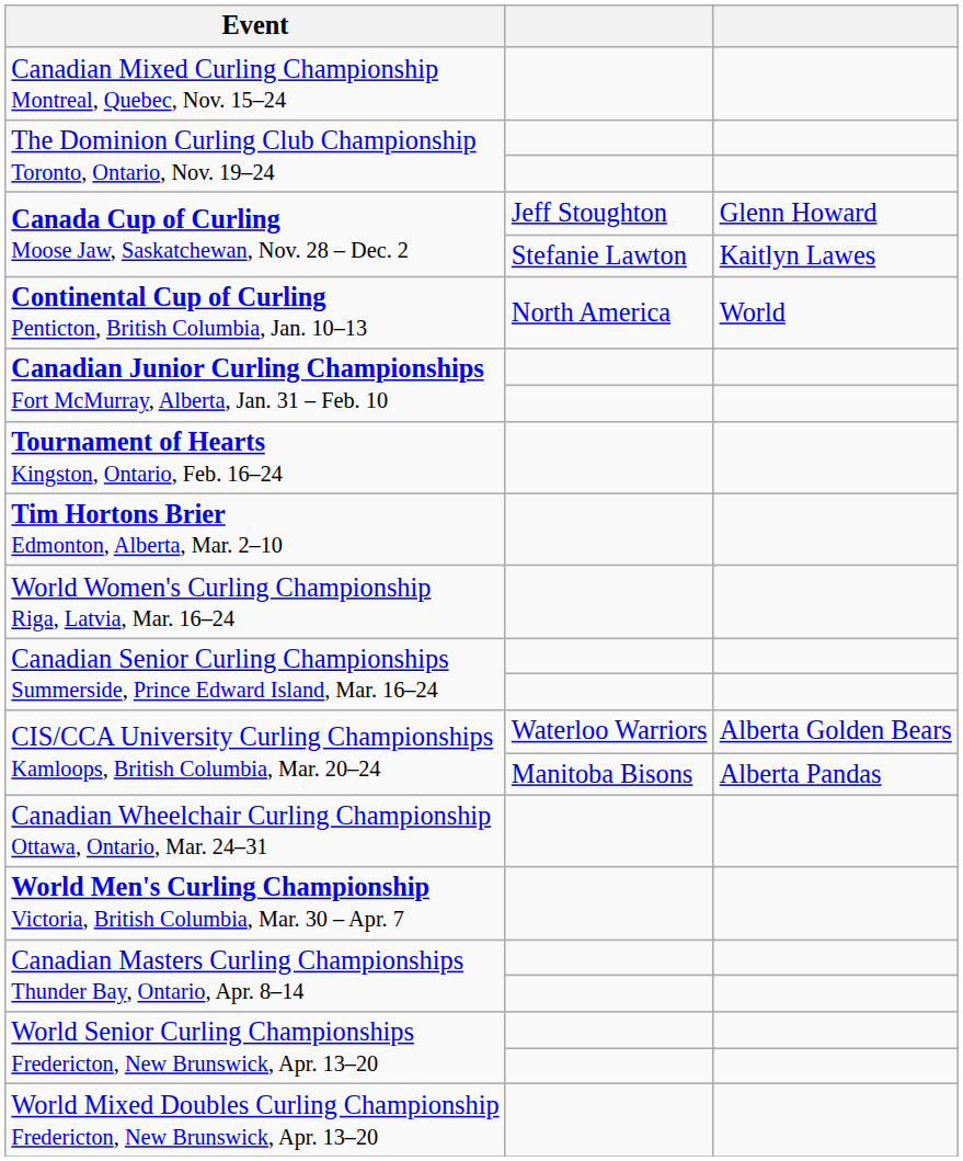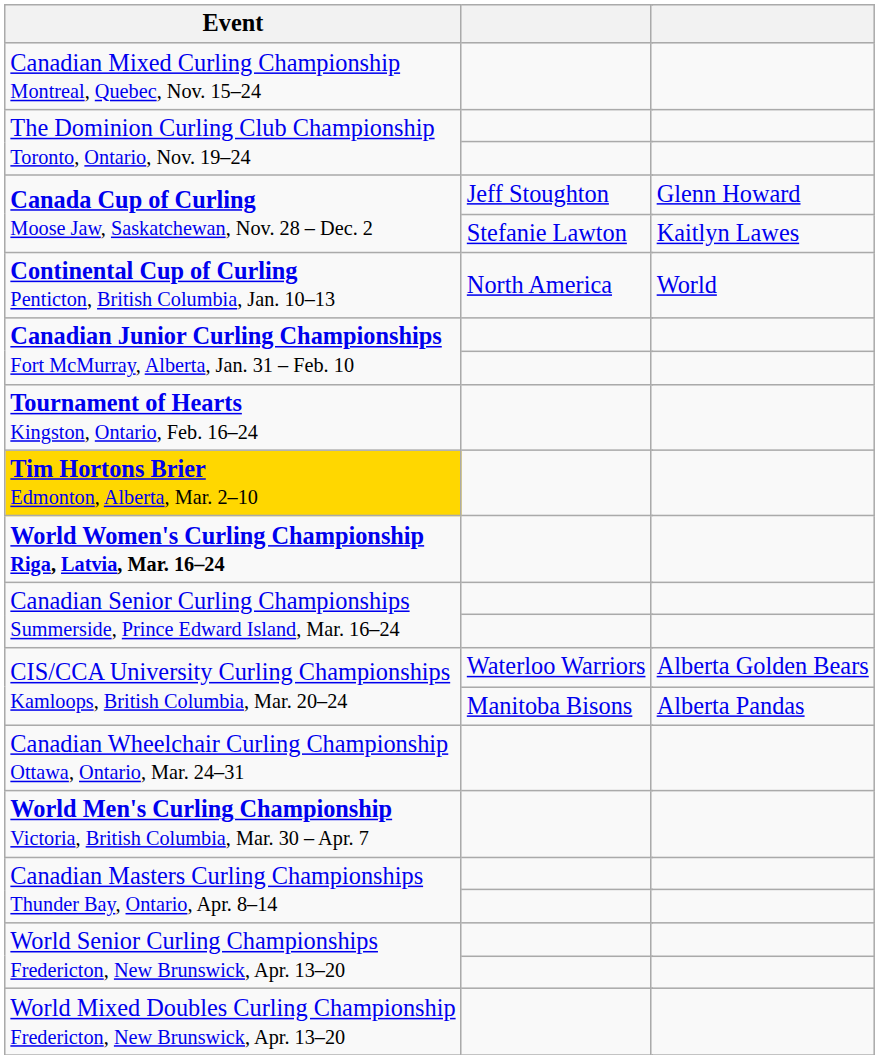 <table class="wikitable">
 <tr>
 <th>Event</th>
 <th colspan=2></th>
 <th></th>
 </tr>
 <tr>
 <td><a href='#'>Canadian Mixed Curling Championship</a> <br> <small><a href='#'>Montreal</a>, <a href='#'>Quebec</a>, Nov. 15–24</small></td>
 <td colspan=2></td>
 <td></td>
 </tr>
 <tr>
 <td rowspan=2><a href='#'>The Dominion Curling Club Championship</a> <br> <small><a href='#'>Toronto</a>, <a href='#'>Ontario</a>, Nov. 19–24</small></td>
 <td colspan=2></td>
 <td></td>
 </tr>
 <tr>
 <td colspan=2></td>
 <td></td>
 </tr>
 <tr>
 <td rowspan=2><strong><a href='#'>Canada Cup of Curling</a></strong> <br> <small><a href='#'>Moose Jaw</a>, <a href='#'>Saskatchewan</a>, Nov. 28 – Dec. 2</small></td>
 <td colspan=2> <a href='#'>Jeff Stoughton</a></td>
 <td> <a href='#'>Glenn Howard</a></td>
 </tr>
 <tr>
 <td colspan=2> <a href='#'>Stefanie Lawton</a></td>
 <td> <a href='#'>Kaitlyn Lawes</a></td>
 </tr>
 <tr>
 <td><strong><a href='#'>Continental Cup of Curling</a></strong> <br> <small><a href='#'>Penticton</a>, <a href='#'>British Columbia</a>, Jan. 10–13</small></td>
 <td colspan=2> <a href='#'>North America</a></td>
 <td> <a href='#'>World</a></td>
 </tr>
 <tr>
 <td rowspan=2><strong><a href='#'>Canadian Junior Curling Championships</a></strong> <br> <small><a href='#'>Fort McMurray</a>, <a href='#'>Alberta</a>, Jan. 31 – Feb. 10</small></td>
 <td colspan=2></td>
 <td></td>
 </tr>
 <tr>
 <td colspan=2></td>
 <td></td>
 </tr>
 <tr>
 <td><strong><a href='#'>Tournament of Hearts</a></strong> <br> <small><a href='#'>Kingston</a>, <a href='#'>Ontario</a>, Feb. 16–24</small></td>
 <td colspan=2></td>
 <td></td>
 </tr>
 <tr>
-<td><strong><a href='#'>Tim Hortons Brier</a></strong> <br> <small><a href='#'>Edmonton</a>, <a href='#'>Alberta</a>, Mar. 2–10</small></td>
+<td style="background: gold;"><strong><a href='#'>Tim Hortons Brier</a></strong> <br> <small><a href='#'>Edmonton</a>, <a href='#'>Alberta</a>, Mar. 2–10</small></td>
 <td colspan=2></td>
 <td></td>
 </tr>
 <tr>
-<td><a href='#'>World Women's Curling Championship</a> <br> <small><a href='#'>Riga</a>, <a href='#'>Latvia</a>, Mar. 16–24</small></td>
+<td><strong><a href='#'>World Women's Curling Championship</a> <br> <small><a href='#'>Riga</a>, <a href='#'>Latvia</a>, Mar. 16–24</small></strong></td>
 <td colspan=2></td>
 <td></td>
 </tr>
 <tr>
 <td rowspan=2><a href='#'>Canadian Senior Curling Championships</a> <br> <small><a href='#'>Summerside</a>, <a href='#'>Prince Edward Island</a>, Mar. 16–24</small></td>
 <td colspan=2></td>
 <td></td>
 </tr>
 <tr>
 <td colspan=2></td>
 <td></td>
 </tr>
 <tr>
 <td rowspan=2><a href='#'>CIS/CCA University Curling Championships</a> <br> <small><a href='#'>Kamloops</a>, <a href='#'>British Columbia</a>, Mar. 20–24</small></td>
 <td colspan=2> <a href='#'>Waterloo Warriors</a></td>
 <td> <a href='#'>Alberta Golden Bears</a></td>
 </tr>
 <tr>
 <td colspan=2> <a href='#'>Manitoba Bisons</a></td>
 <td> <a href='#'>Alberta Pandas</a></td>
 </tr>
 <tr>
 <td><a href='#'>Canadian Wheelchair Curling Championship</a> <br> <small><a href='#'>Ottawa</a>, <a href='#'>Ontario</a>, Mar. 24–31</small></td>
 <td colspan=2></td>
 <td></td>
 </tr>
 <tr>
 <td><strong><a href='#'>World Men's Curling Championship</a></strong> <br> <small><a href='#'>Victoria</a>, <a href='#'>British Columbia</a>, Mar. 30 – Apr. 7</small></td>
 <td colspan=2></td>
 <td></td>
 </tr>
 <tr>
 <td rowspan=2><a href='#'>Canadian Masters Curling Championships</a> <br> <small><a href='#'>Thunder Bay</a>, <a href='#'>Ontario</a>, Apr. 8–14</small></td>
 <td colspan=2></td>
 <td></td>
 </tr>
 <tr>
 <td colspan=2></td>
 <td></td>
 </tr>
 <tr>
 <td rowspan=2><a href='#'>World Senior Curling Championships</a> <br> <small><a href='#'>Fredericton</a>, <a href='#'>New Brunswick</a>, Apr. 13–20</small></td>
 <td colspan=2></td>
 <td></td>
 </tr>
 <tr>
 <td colspan=2></td>
 <td></td>
 </tr>
 <tr>
 <td><a href='#'>World Mixed Doubles Curling Championship</a> <br> <small><a href='#'>Fredericton</a>, <a href='#'>New Brunswick</a>, Apr. 13–20</small></td>
 <td colspan=2></td>
 <td></td>
 </tr>
 </table>
